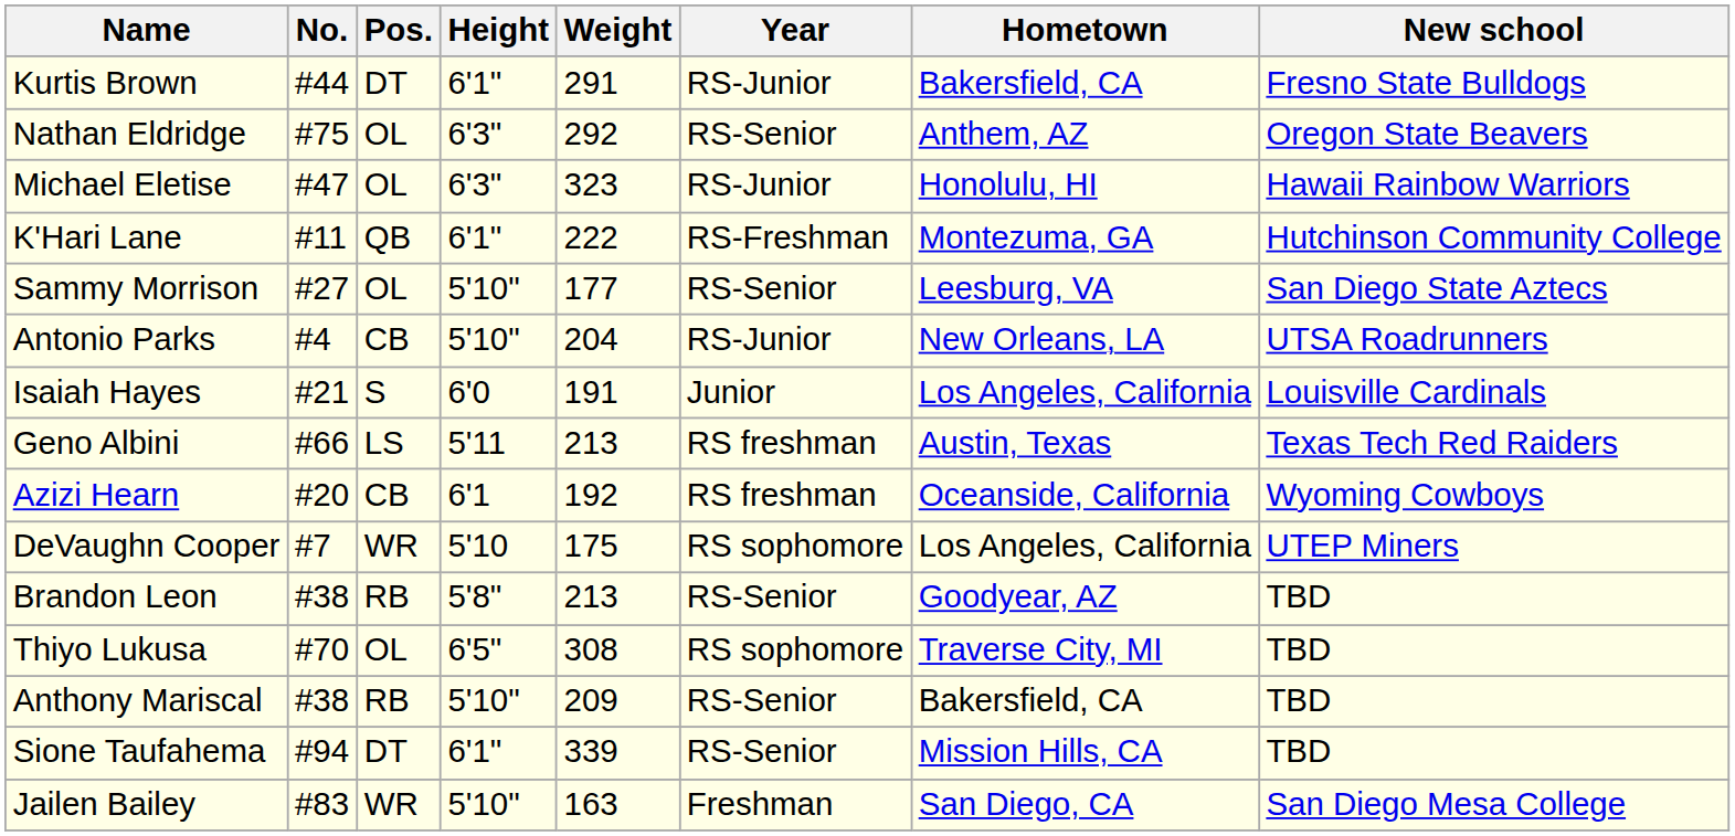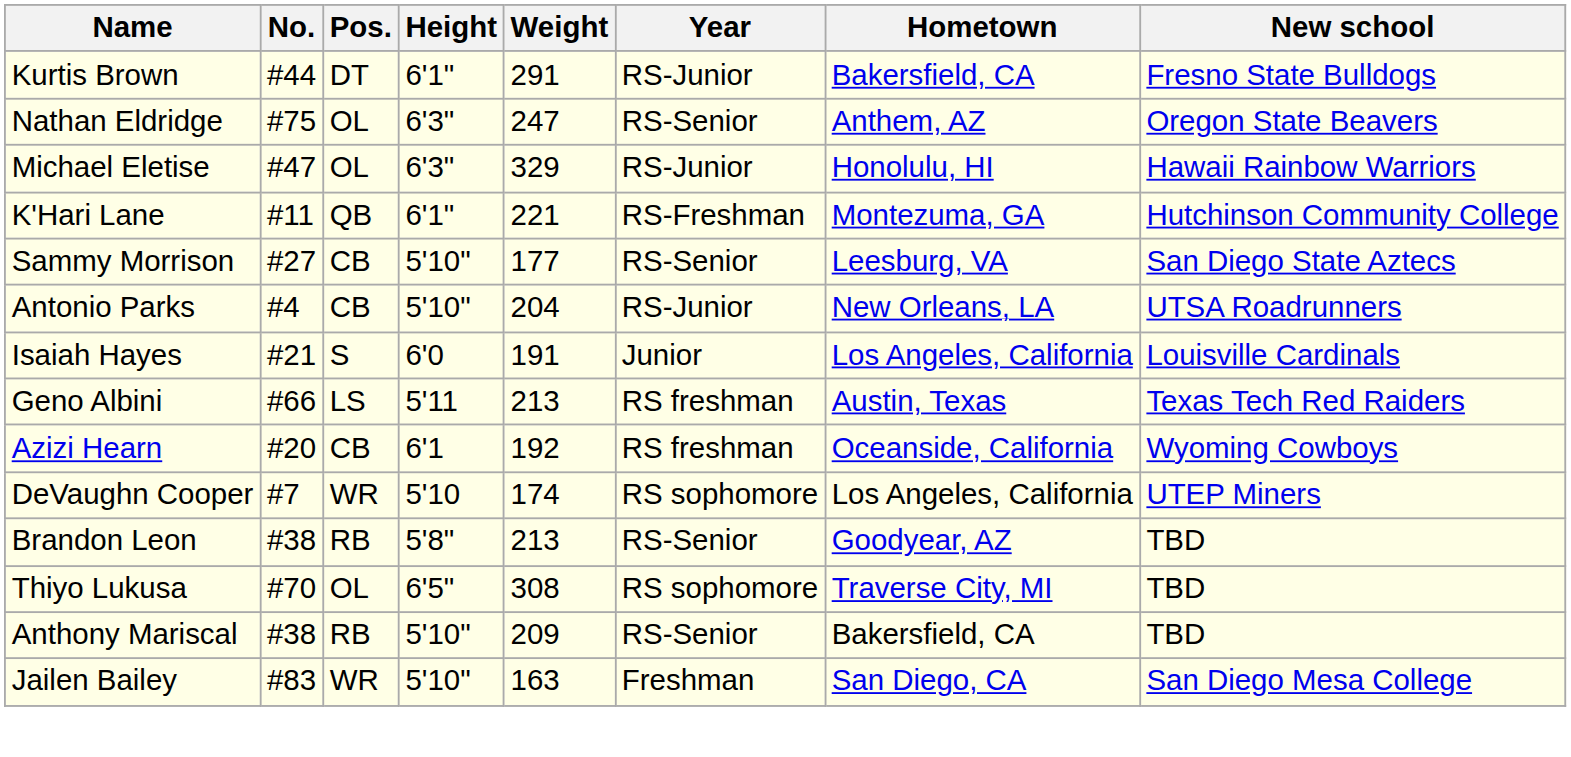 <table class="wikitable sortable">
 <tr>
 <th>Name</th>
 <th>No.</th>
 <th>Pos.</th>
 <th>Height</th>
 <th>Weight</th>
 <th>Year</th>
 <th>Hometown</th>
 <th class="unsortable">New school</th>
 </tr>
 <tr style="background:#FFFFE6;">
 <td>Kurtis Brown</td>
 <td>#44</td>
 <td>DT</td>
 <td>6'1"</td>
 <td>291</td>
 <td>RS-Junior</td>
 <td><a href='#'>Bakersfield, CA</a></td>
 <td><a href='#'>Fresno State Bulldogs</a></td>
 </tr>
 <tr style="background:#FFFFE6;">
 <td>Nathan Eldridge</td>
 <td>#75</td>
 <td>OL</td>
 <td>6'3"</td>
-<td>292</td>
+<td>247</td>
 <td>RS-Senior</td>
 <td><a href='#'>Anthem, AZ</a></td>
 <td><a href='#'>Oregon State Beavers</a></td>
 </tr>
 <tr style="background:#FFFFE6;">
 <td>Michael Eletise</td>
 <td>#47</td>
 <td>OL</td>
 <td>6'3"</td>
-<td>323</td>
+<td>329</td>
 <td>RS-Junior</td>
 <td><a href='#'>Honolulu, HI</a></td>
 <td><a href='#'>Hawaii Rainbow Warriors</a></td>
 </tr>
 <tr style="background:#FFFFE6;">
 <td>K'Hari Lane</td>
 <td>#11</td>
 <td>QB</td>
 <td>6'1"</td>
-<td>222</td>
+<td>221</td>
 <td>RS-Freshman</td>
 <td><a href='#'>Montezuma, GA</a></td>
 <td><a href='#'>Hutchinson Community College</a></td>
 </tr>
 <tr style="background:#FFFFE6;">
 <td>Sammy Morrison</td>
 <td>#27</td>
-<td>OL</td>
+<td>CB</td>
 <td>5'10"</td>
 <td>177</td>
 <td>RS-Senior</td>
 <td><a href='#'>Leesburg, VA</a></td>
 <td><a href='#'>San Diego State Aztecs</a></td>
 </tr>
 <tr style="background:#FFFFE6;">
 <td>Antonio Parks</td>
 <td>#4</td>
 <td>CB</td>
 <td>5'10"</td>
 <td>204</td>
 <td>RS-Junior</td>
 <td><a href='#'>New Orleans, LA</a></td>
 <td><a href='#'>UTSA Roadrunners</a></td>
 </tr>
 <tr style="background:#FFFFE6;">
 <td>Isaiah Hayes</td>
 <td>#21</td>
 <td>S</td>
 <td>6'0</td>
 <td>191</td>
 <td>Junior</td>
 <td><a href='#'>Los Angeles, California</a></td>
 <td><a href='#'>Louisville Cardinals</a></td>
 </tr>
 <tr style="background:#FFFFE6;">
 <td>Geno Albini</td>
 <td>#66</td>
 <td>LS</td>
 <td>5'11</td>
 <td>213</td>
 <td>RS freshman</td>
 <td><a href='#'>Austin, Texas</a></td>
 <td><a href='#'>Texas Tech Red Raiders</a></td>
 </tr>
 <tr style="background:#FFFFE6;">
 <td><a href='#'>Azizi Hearn</a></td>
 <td>#20</td>
 <td>CB</td>
 <td>6'1</td>
 <td>192</td>
 <td>RS freshman</td>
 <td><a href='#'>Oceanside, California</a></td>
 <td><a href='#'>Wyoming Cowboys</a></td>
 </tr>
 <tr style="background:#FFFFE6;">
 <td>DeVaughn Cooper</td>
 <td>#7</td>
 <td>WR</td>
 <td>5'10</td>
-<td>175</td>
+<td>174</td>
 <td>RS sophomore</td>
 <td>Los Angeles, California</td>
 <td><a href='#'>UTEP Miners</a></td>
 </tr>
 <tr style="background:#FFFFE6;">
 <td>Brandon Leon</td>
 <td>#38</td>
 <td>RB</td>
 <td>5'8"</td>
 <td>213</td>
 <td>RS-Senior</td>
 <td><a href='#'>Goodyear, AZ</a></td>
 <td>TBD</td>
 </tr>
 <tr style="background:#FFFFE6;">
 <td>Thiyo Lukusa</td>
 <td>#70</td>
 <td>OL</td>
 <td>6'5"</td>
 <td>308</td>
 <td>RS sophomore</td>
 <td><a href='#'>Traverse City, MI</a></td>
 <td>TBD</td>
 </tr>
 <tr style="background:#FFFFE6;">
 <td>Anthony Mariscal</td>
 <td>#38</td>
 <td>RB</td>
 <td>5'10"</td>
 <td>209</td>
 <td>RS-Senior</td>
 <td>Bakersfield, CA</td>
 <td>TBD</td>
 </tr>
 <tr style="background:#FFFFE6;">
-<td>Sione Taufahema</td>
-<td>#94</td>
-<td>DT</td>
-<td>6'1"</td>
-<td>339</td>
-<td>RS-Senior</td>
-<td><a href='#'>Mission Hills, CA</a></td>
-<td>TBD</td>
-</tr>
-<tr style="background:#FFFFE6;">
 <td>Jailen Bailey</td>
 <td>#83</td>
 <td>WR</td>
 <td>5'10"</td>
 <td>163</td>
 <td>Freshman</td>
 <td><a href='#'>San Diego, CA</a></td>
 <td><a href='#'>San Diego Mesa College</a></td>
 </tr>
 </table>
